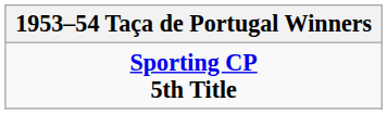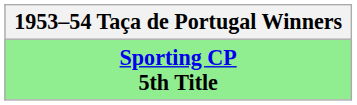 <table class="wikitable" style="text-align: center; margin: 0 auto; width: 20%">
 <tr>
 <th>1953–54 Taça de Portugal Winners</th>
 </tr>
 <tr>
-<td><strong><a href='#'>Sporting CP</a></strong><br><strong>5th Title</strong></td>
+<td style="background: lightgreen;"><strong><a href='#'>Sporting CP</a></strong><br><strong>5th Title</strong></td>
 </tr>
 </table>
